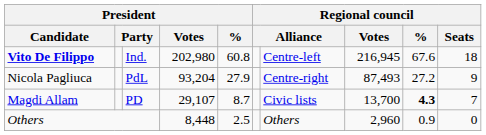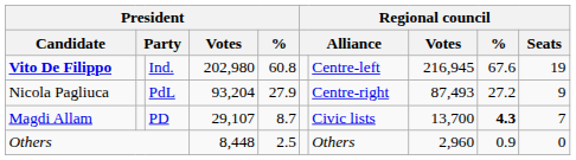 <table class="wikitable" style="text-align:right; style="width=65%">
 <tr>
 <th colspan="5">President</th>
 <th colspan="7">Regional council</th>
 </tr>
 <tr>
 <th>Candidate</th>
 <th colspan="2">Party</th>
 <th>Votes</th>
 <th>%</th>
 <th colspan="2">Alliance</th>
 <th>Votes</th>
 <th>%</th>
 <th>Seats</th>
 </tr>
 <tr>
 <td style="text-align:left"><strong><a href='#'>Vito De Filippo</a></strong></td>
 <td></td>
 <td style="text-align:left"><a href='#'>Ind.</a></td>
 <td>202,980</td>
 <td>60.8</td>
 <td></td>
 <td style="text-align:left"><a href='#'>Centre-left</a></td>
 <td>216,945</td>
 <td>67.6</td>
-<td>18</td>
+<td>19</td>
 </tr>
 <tr>
 <td style="text-align:left">Nicola Pagliuca</td>
 <td></td>
 <td style="text-align:left"><a href='#'>PdL</a></td>
 <td>93,204</td>
 <td>27.9</td>
 <td></td>
 <td style="text-align:left"><a href='#'>Centre-right</a></td>
 <td>87,493</td>
 <td>27.2</td>
 <td>9</td>
 </tr>
 <tr>
 <td style="text-align:left"><a href='#'>Magdi Allam</a></td>
 <td></td>
 <td style="text-align:left"><a href='#'>PD</a></td>
 <td>29,107</td>
 <td>8.7</td>
 <td></td>
 <td style="text-align:left"><a href='#'>Civic lists</a></td>
 <td>13,700</td>
 <td><strong>4.3</strong></td>
 <td>7</td>
 </tr>
 <tr>
 <td colspan="3" style="text-align:left"><em>Others</em></td>
 <td>8,448</td>
 <td>2.5</td>
 <td></td>
 <td style="text-align:left"><em>Others</em></td>
 <td>2,960</td>
 <td>0.9</td>
 <td>0</td>
 </tr>
 </table>
